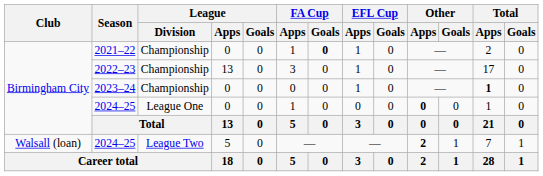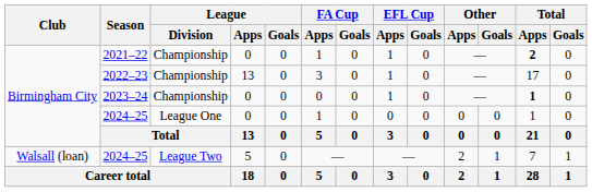 <table class="wikitable" style=text-align:center>
 <tr>
 <th rowspan="2">Club</th>
 <th rowspan="2">Season</th>
 <th colspan="3">League</th>
 <th colspan="2"><a href='#'>FA Cup</a></th>
 <th colspan="2"><a href='#'>EFL Cup</a></th>
 <th colspan="2">Other</th>
 <th colspan="2">Total</th>
 </tr>
 <tr>
 <th>Division</th>
 <th>Apps</th>
 <th>Goals</th>
 <th>Apps</th>
 <th>Goals</th>
 <th>Apps</th>
 <th>Goals</th>
 <th>Apps</th>
 <th>Goals</th>
 <th>Apps</th>
 <th>Goals</th>
 </tr>
 <tr>
 <td rowspan="5"><a href='#'>Birmingham City</a></td>
 <td><a href='#'>2021–22</a></td>
 <td>Championship</td>
 <td>0</td>
 <td>0</td>
 <td>1</td>
-<td><strong>0</strong></td>
+<td>0</td>
 <td>1</td>
 <td>0</td>
 <td colspan="2">—</td>
-<td>2</td>
+<td><strong>2</strong></td>
 <td>0</td>
 </tr>
 <tr>
 <td><a href='#'>2022–23</a></td>
 <td>Championship</td>
 <td>13</td>
 <td>0</td>
 <td>3</td>
 <td>0</td>
 <td>1</td>
 <td>0</td>
 <td colspan="2">—</td>
 <td>17</td>
 <td>0</td>
 </tr>
 <tr>
 <td><a href='#'>2023–24</a></td>
 <td>Championship</td>
 <td>0</td>
 <td>0</td>
 <td>0</td>
 <td>0</td>
 <td>1</td>
 <td>0</td>
 <td colspan="2">—</td>
 <td><strong>1</strong></td>
 <td>0</td>
 </tr>
 <tr>
 <td><a href='#'>2024–25</a></td>
 <td>League One</td>
 <td>0</td>
 <td>0</td>
 <td>1</td>
 <td>0</td>
 <td>0</td>
 <td>0</td>
-<td><strong>0</strong></td>
+<td>0</td>
 <td>0</td>
 <td>1</td>
 <td>0</td>
 </tr>
 <tr>
 <th colspan="2">Total</th>
 <th>13</th>
 <th>0</th>
 <th>5</th>
 <th>0</th>
 <th>3</th>
 <th>0</th>
 <th>0</th>
 <th>0</th>
 <th>21</th>
 <th>0</th>
 </tr>
 <tr>
 <td><a href='#'>Walsall</a> (loan)</td>
 <td><a href='#'>2024–25</a></td>
 <td><a href='#'>League Two</a></td>
 <td>5</td>
 <td>0</td>
 <td colspan="2">—</td>
 <td colspan="2">—</td>
-<td><strong>2</strong></td>
+<td>2</td>
 <td>1</td>
 <td>7</td>
 <td>1</td>
 </tr>
 <tr>
 <th colspan="3">Career total</th>
 <th>18</th>
 <th>0</th>
 <th>5</th>
 <th>0</th>
 <th>3</th>
 <th>0</th>
 <th>2</th>
 <th>1</th>
 <th>28</th>
 <th>1</th>
 </tr>
 </table>
